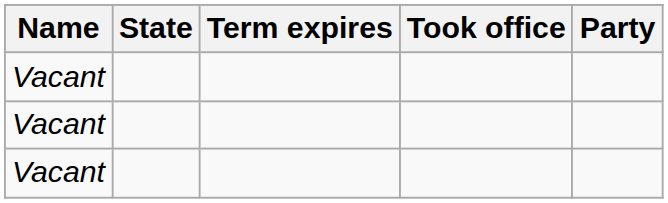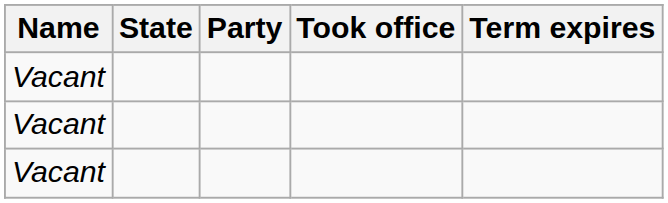 <table class="wikitable sortable" style="text-align:center">
 <tr>
 <th>Name</th>
 <th>State</th>
+<th>Party</th>
+<th>Took office</th>
 <th>Term expires</th>
-<th>Took office</th>
-<th>Party</th>
 </tr>
 <tr>
 <td><em>Vacant</em></td>
 <td></td>
 <td></td>
 <td></td>
 <td></td>
 </tr>
 <tr>
 <td><em>Vacant</em></td>
 <td></td>
 <td></td>
 <td></td>
 <td></td>
 </tr>
 <tr>
 <td><em>Vacant</em></td>
 <td></td>
 <td></td>
 <td></td>
 <td></td>
 </tr>
 </table>
